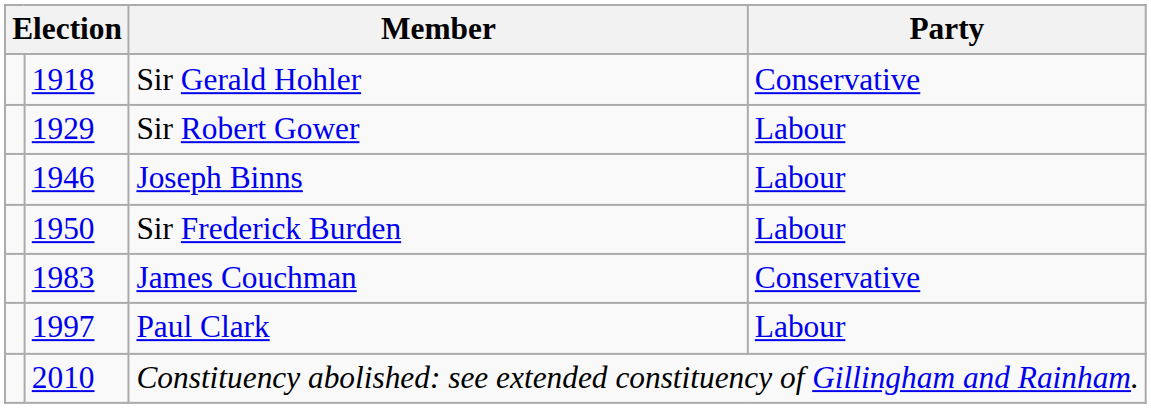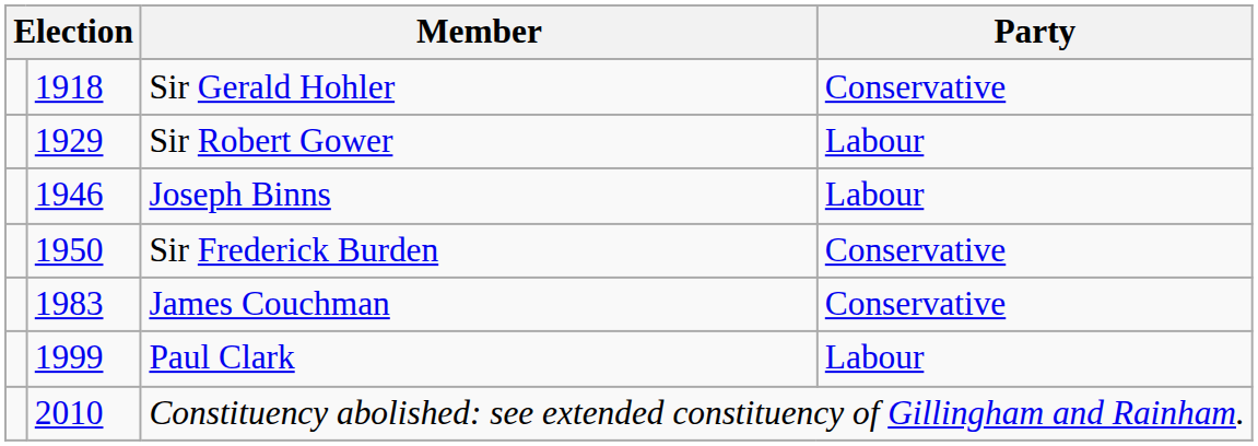 <table class="wikitable">
 <tr>
 <th colspan="2">Election</th>
 <th>Member</th>
 <th>Party</th>
 </tr>
 <tr>
 <td style="color:inherit;background-color: "></td>
 <td><a href='#'>1918</a></td>
 <td>Sir <a href='#'>Gerald Hohler</a></td>
 <td><a href='#'>Conservative</a></td>
 </tr>
 <tr>
 <td style="color:inherit;background-color: "></td>
 <td><a href='#'>1929</a></td>
 <td>Sir <a href='#'>Robert Gower</a></td>
 <td><a href='#'>Labour</a></td>
 </tr>
 <tr>
 <td style="color:inherit;background-color: "></td>
 <td><a href='#'>1946</a></td>
 <td><a href='#'>Joseph Binns</a></td>
 <td><a href='#'>Labour</a></td>
 </tr>
 <tr>
 <td style="color:inherit;background-color: "></td>
 <td><a href='#'>1950</a></td>
 <td>Sir <a href='#'>Frederick Burden</a></td>
-<td><a href='#'>Labour</a></td>
+<td><a href='#'>Conservative</a></td>
 </tr>
 <tr>
 <td style="color:inherit;background-color: "></td>
 <td><a href='#'>1983</a></td>
 <td><a href='#'>James Couchman</a></td>
 <td><a href='#'>Conservative</a></td>
 </tr>
 <tr>
 <td style="color:inherit;background-color: "></td>
-<td><a href='#'>1997</a></td>
+<td><a href='#'>1999</a></td>
 <td><a href='#'>Paul Clark</a></td>
 <td><a href='#'>Labour</a></td>
 </tr>
 <tr>
 <td></td>
 <td><a href='#'>2010</a></td>
 <td colspan="2"><em>Constituency abolished: see  extended constituency of <a href='#'>Gillingham and Rainham</a>.</em></td>
 </tr>
 </table>
